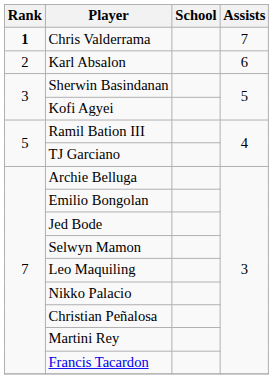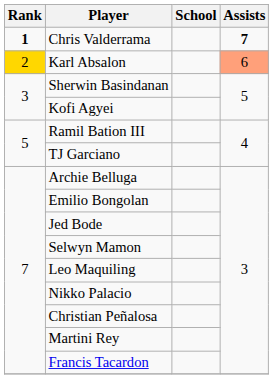 <table class="wikitable" style="text-align:center">
 <tr>
 <th>Rank</th>
 <th>Player</th>
 <th>School</th>
 <th>Assists</th>
 </tr>
 <tr>
 <td><strong>1</strong></td>
 <td align="left"> Chris Valderrama</td>
 <td align="left"></td>
-<td>7</td>
+<td><strong>7</strong></td>
 </tr>
 <tr>
-<td>2</td>
+<td style="background: gold;">2</td>
 <td align="left"> Karl Absalon</td>
 <td align="left"></td>
-<td>6</td>
+<td style="background: lightsalmon;">6</td>
 </tr>
 <tr>
 <td rowspan=2>3</td>
 <td align="left"> Sherwin Basindanan</td>
 <td align="left"></td>
 <td rowspan=2>5</td>
 </tr>
 <tr>
 <td align="left"> Kofi Agyei</td>
 <td align="left"></td>
 </tr>
 <tr>
 <td rowspan=2>5</td>
 <td align="left"> Ramil Bation III</td>
 <td align="left"></td>
 <td rowspan=2>4</td>
 </tr>
 <tr>
 <td align="left"> TJ Garciano</td>
 <td align="left"></td>
 </tr>
 <tr>
 <td rowspan="9">7</td>
 <td align="left"> Archie Belluga</td>
 <td align="left"></td>
 <td rowspan="9">3</td>
 </tr>
 <tr>
 <td align="left"> Emilio Bongolan</td>
 <td align="left"></td>
 </tr>
 <tr>
 <td align="left"> Jed Bode</td>
 <td align="left"></td>
 </tr>
 <tr>
 <td align="left"> Selwyn Mamon</td>
 <td align="left"></td>
 </tr>
 <tr>
 <td align="left"> Leo Maquiling</td>
 <td align="left"></td>
 </tr>
 <tr>
 <td align="left"> Nikko Palacio</td>
 <td align="left"></td>
 </tr>
 <tr>
 <td align="left"> Christian Peñalosa</td>
 <td align="left"></td>
 </tr>
 <tr>
 <td align="left"> Martini Rey</td>
 <td align="left"></td>
 </tr>
 <tr>
 <td align="left"> <a href='#'>Francis Tacardon</a></td>
 <td align="left"></td>
 </tr>
 <tr>
 </tr>
 </table>
